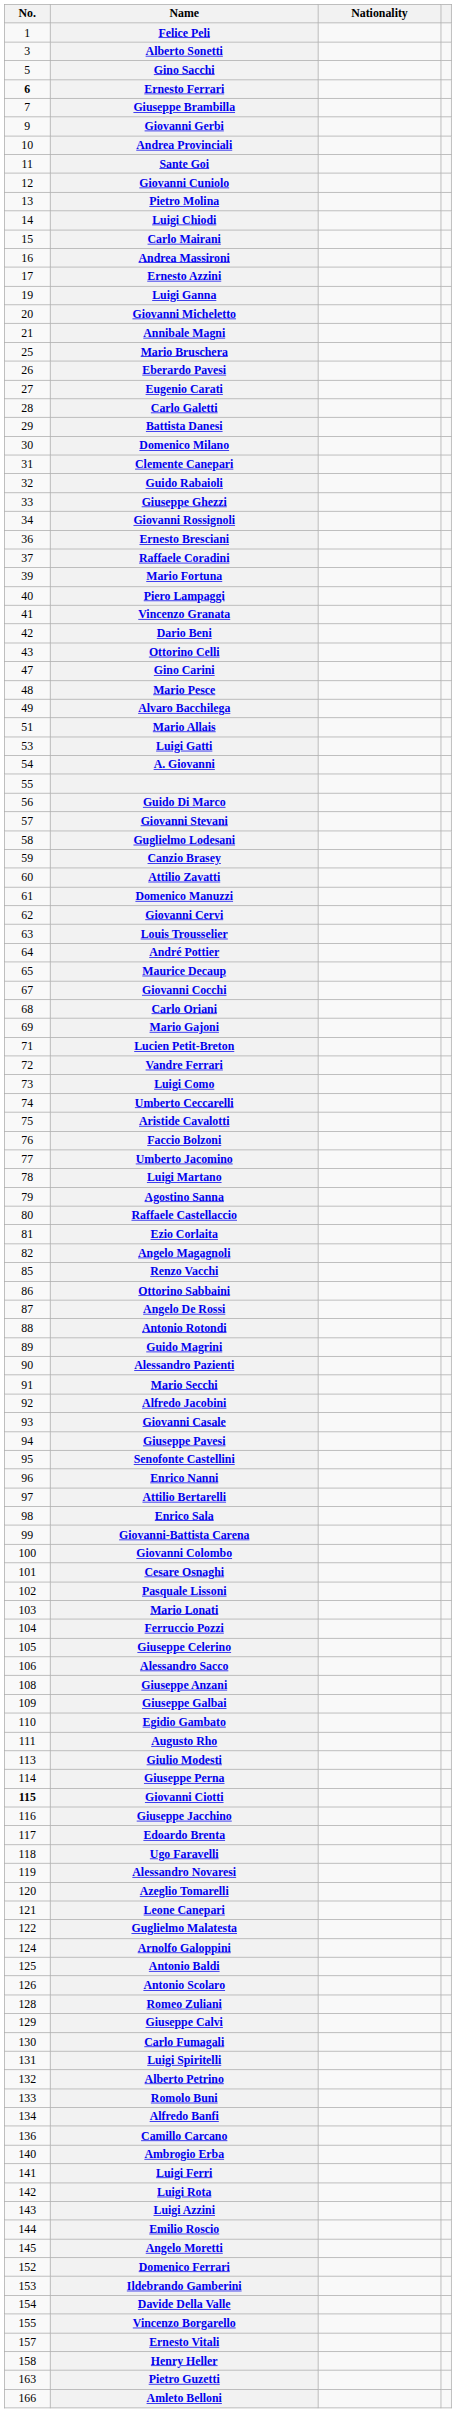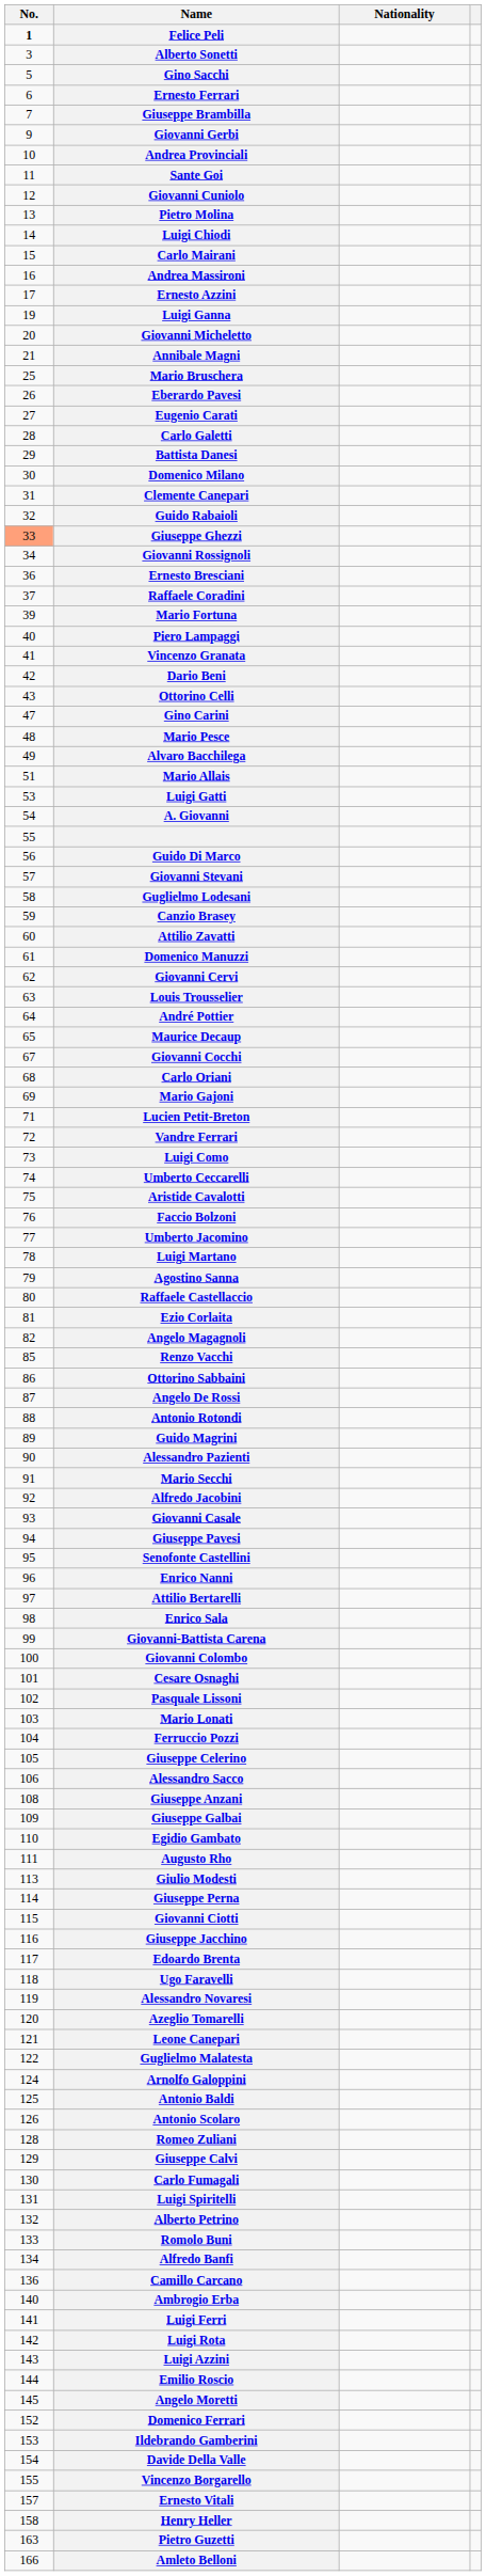 <table class="wikitable plainrowheaders sortable" style="width:97%">
 <tr>
 <th scope="col">No.</th>
 <th scope="col">Name</th>
 <th scope="col">Nationality</th>
 <th scope="col" class="unsortable"></th>
 </tr>
 <tr>
-<td style="text-align:center;">1</td>
+<td style="text-align:center;"><strong>1</strong></td>
 <th scope="row"><a href='#'>Felice Peli</a></th>
 <td></td>
 <td style="text-align:center;"></td>
 </tr>
 <tr>
 <td style="text-align:center;">3</td>
 <th scope="row"><a href='#'>Alberto Sonetti</a></th>
 <td></td>
 <td style="text-align:center;"></td>
 </tr>
 <tr>
 <td style="text-align:center;">5</td>
 <th scope="row"><a href='#'>Gino Sacchi</a></th>
 <td></td>
 <td style="text-align:center;"></td>
 </tr>
 <tr>
-<td style="text-align:center;"><strong>6</strong></td>
+<td style="text-align:center;">6</td>
 <th scope="row"><a href='#'>Ernesto Ferrari</a></th>
 <td></td>
 <td style="text-align:center;"></td>
 </tr>
 <tr>
 <td style="text-align:center;">7</td>
 <th scope="row"><a href='#'>Giuseppe Brambilla</a></th>
 <td></td>
 <td style="text-align:center;"></td>
 </tr>
 <tr>
 <td style="text-align:center;">9</td>
 <th scope="row"><a href='#'>Giovanni Gerbi</a></th>
 <td></td>
 <td style="text-align:center;"></td>
 </tr>
 <tr>
 <td style="text-align:center;">10</td>
 <th scope="row"><a href='#'>Andrea Provinciali</a></th>
 <td></td>
 <td style="text-align:center;"></td>
 </tr>
 <tr>
 <td style="text-align:center;">11</td>
 <th scope="row"><a href='#'>Sante Goi</a></th>
 <td></td>
 <td style="text-align:center;"></td>
 </tr>
 <tr>
 <td style="text-align:center;">12</td>
 <th scope="row"><a href='#'>Giovanni Cuniolo</a></th>
 <td></td>
 <td style="text-align:center;"></td>
 </tr>
 <tr>
 <td style="text-align:center;">13</td>
 <th scope="row"><a href='#'>Pietro Molina</a></th>
 <td></td>
 <td style="text-align:center;"></td>
 </tr>
 <tr>
 <td style="text-align:center;">14</td>
 <th scope="row"><a href='#'>Luigi Chiodi</a></th>
 <td></td>
 <td style="text-align:center;"></td>
 </tr>
 <tr>
 <td style="text-align:center;">15</td>
 <th scope="row"><a href='#'>Carlo Mairani</a></th>
 <td></td>
 <td style="text-align:center;"></td>
 </tr>
 <tr>
 <td style="text-align:center;">16</td>
 <th scope="row"><a href='#'>Andrea Massironi</a></th>
 <td></td>
 <td style="text-align:center;"></td>
 </tr>
 <tr>
 <td style="text-align:center;">17</td>
 <th scope="row"><a href='#'>Ernesto Azzini</a></th>
 <td></td>
 <td style="text-align:center;"></td>
 </tr>
 <tr>
 <td style="text-align:center;">19</td>
 <th scope="row"><a href='#'>Luigi Ganna</a></th>
 <td></td>
 <td style="text-align:center;"></td>
 </tr>
 <tr>
 <td style="text-align:center;">20</td>
 <th scope="row"><a href='#'>Giovanni Micheletto</a></th>
 <td></td>
 <td style="text-align:center;"></td>
 </tr>
 <tr>
 <td style="text-align:center;">21</td>
 <th scope="row"><a href='#'>Annibale Magni</a></th>
 <td></td>
 <td style="text-align:center;"></td>
 </tr>
 <tr>
 <td style="text-align:center;">25</td>
 <th scope="row"><a href='#'>Mario Bruschera</a></th>
 <td></td>
 <td style="text-align:center;"></td>
 </tr>
 <tr>
 <td style="text-align:center;">26</td>
 <th scope="row"><a href='#'>Eberardo Pavesi</a></th>
 <td></td>
 <td style="text-align:center;"></td>
 </tr>
 <tr>
 <td style="text-align:center;">27</td>
 <th scope="row"><a href='#'>Eugenio Carati</a></th>
 <td></td>
 <td style="text-align:center;"></td>
 </tr>
 <tr>
 <td style="text-align:center;">28</td>
 <th scope="row"><a href='#'>Carlo Galetti</a></th>
 <td></td>
 <td style="text-align:center;"></td>
 </tr>
 <tr>
 <td style="text-align:center;">29</td>
 <th scope="row"><a href='#'>Battista Danesi</a></th>
 <td></td>
 <td style="text-align:center;"></td>
 </tr>
 <tr>
 <td style="text-align:center;">30</td>
 <th scope="row"><a href='#'>Domenico Milano</a></th>
 <td></td>
 <td style="text-align:center;"></td>
 </tr>
 <tr>
 <td style="text-align:center;">31</td>
 <th scope="row"><a href='#'>Clemente Canepari</a></th>
 <td></td>
 <td style="text-align:center;"></td>
 </tr>
 <tr>
 <td style="text-align:center;">32</td>
 <th scope="row"><a href='#'>Guido Rabaioli</a></th>
 <td></td>
 <td style="text-align:center;"></td>
 </tr>
 <tr>
-<td style="text-align:center;">33</td>
+<td style="background: lightsalmon; text-align:center;">33</td>
 <th scope="row"><a href='#'>Giuseppe Ghezzi</a></th>
 <td></td>
 <td style="text-align:center;"></td>
 </tr>
 <tr>
 <td style="text-align:center;">34</td>
 <th scope="row"><a href='#'>Giovanni Rossignoli</a></th>
 <td></td>
 <td style="text-align:center;"></td>
 </tr>
 <tr>
 <td style="text-align:center;">36</td>
 <th scope="row"><a href='#'>Ernesto Bresciani</a></th>
 <td></td>
 <td style="text-align:center;"></td>
 </tr>
 <tr>
 <td style="text-align:center;">37</td>
 <th scope="row"><a href='#'>Raffaele Coradini</a></th>
 <td></td>
 <td style="text-align:center;"></td>
 </tr>
 <tr>
 <td style="text-align:center;">39</td>
 <th scope="row"><a href='#'>Mario Fortuna</a></th>
 <td></td>
 <td style="text-align:center;"></td>
 </tr>
 <tr>
 <td style="text-align:center;">40</td>
 <th scope="row"><a href='#'>Piero Lampaggi</a></th>
 <td></td>
 <td style="text-align:center;"></td>
 </tr>
 <tr>
 <td style="text-align:center;">41</td>
 <th scope="row"><a href='#'>Vincenzo Granata</a></th>
 <td></td>
 <td style="text-align:center;"></td>
 </tr>
 <tr>
 <td style="text-align:center;">42</td>
 <th scope="row"><a href='#'>Dario Beni</a></th>
 <td></td>
 <td style="text-align:center;"></td>
 </tr>
 <tr>
 <td style="text-align:center;">43</td>
 <th scope="row"><a href='#'>Ottorino Celli</a></th>
 <td></td>
 <td style="text-align:center;"></td>
 </tr>
 <tr>
 <td style="text-align:center;">47</td>
 <th scope="row"><a href='#'>Gino Carini</a></th>
 <td></td>
 <td style="text-align:center;"></td>
 </tr>
 <tr>
 <td style="text-align:center;">48</td>
 <th scope="row"><a href='#'>Mario Pesce</a></th>
 <td></td>
 <td style="text-align:center;"></td>
 </tr>
 <tr>
 <td style="text-align:center;">49</td>
 <th scope="row"><a href='#'>Alvaro Bacchilega</a></th>
 <td></td>
 <td style="text-align:center;"></td>
 </tr>
 <tr>
 <td style="text-align:center;">51</td>
 <th scope="row"><a href='#'>Mario Allais</a></th>
 <td></td>
 <td style="text-align:center;"></td>
 </tr>
 <tr>
 <td style="text-align:center;">53</td>
 <th scope="row"><a href='#'>Luigi Gatti</a></th>
 <td></td>
 <td style="text-align:center;"></td>
 </tr>
 <tr>
 <td style="text-align:center;">54</td>
 <th scope="row"><a href='#'>A. Giovanni</a></th>
 <td></td>
 <td style="text-align:center;"></td>
 </tr>
 <tr>
 <td style="text-align:center;">55</td>
 <th scope="row"></th>
 <td></td>
 <td style="text-align:center;"></td>
 </tr>
 <tr>
 <td style="text-align:center;">56</td>
 <th scope="row"><a href='#'>Guido Di Marco</a></th>
 <td></td>
 <td style="text-align:center;"></td>
 </tr>
 <tr>
 <td style="text-align:center;">57</td>
 <th scope="row"><a href='#'>Giovanni Stevani</a></th>
 <td></td>
 <td style="text-align:center;"></td>
 </tr>
 <tr>
 <td style="text-align:center;">58</td>
 <th scope="row"><a href='#'>Guglielmo Lodesani</a></th>
 <td></td>
 <td style="text-align:center;"></td>
 </tr>
 <tr>
 <td style="text-align:center;">59</td>
 <th scope="row"><a href='#'>Canzio Brasey</a></th>
 <td></td>
 <td style="text-align:center;"></td>
 </tr>
 <tr>
 <td style="text-align:center;">60</td>
 <th scope="row"><a href='#'>Attilio Zavatti</a></th>
 <td></td>
 <td style="text-align:center;"></td>
 </tr>
 <tr>
 <td style="text-align:center;">61</td>
 <th scope="row"><a href='#'>Domenico Manuzzi</a></th>
 <td></td>
 <td style="text-align:center;"></td>
 </tr>
 <tr>
 <td style="text-align:center;">62</td>
 <th scope="row"><a href='#'>Giovanni Cervi</a></th>
 <td></td>
 <td style="text-align:center;"></td>
 </tr>
 <tr>
 <td style="text-align:center;">63</td>
 <th scope="row"><a href='#'>Louis Trousselier</a></th>
 <td></td>
 <td style="text-align:center;"></td>
 </tr>
 <tr>
 <td style="text-align:center;">64</td>
 <th scope="row"><a href='#'>André Pottier</a></th>
 <td></td>
 <td style="text-align:center;"></td>
 </tr>
 <tr>
 <td style="text-align:center;">65</td>
 <th scope="row"><a href='#'>Maurice Decaup</a></th>
 <td></td>
 <td style="text-align:center;"></td>
 </tr>
 <tr>
 <td style="text-align:center;">67</td>
 <th scope="row"><a href='#'>Giovanni Cocchi</a></th>
 <td></td>
 <td style="text-align:center;"></td>
 </tr>
 <tr>
 <td style="text-align:center;">68</td>
 <th scope="row"><a href='#'>Carlo Oriani</a></th>
 <td></td>
 <td style="text-align:center;"></td>
 </tr>
 <tr>
 <td style="text-align:center;">69</td>
 <th scope="row"><a href='#'>Mario Gajoni</a></th>
 <td></td>
 <td style="text-align:center;"></td>
 </tr>
 <tr>
 <td style="text-align:center;">71</td>
 <th scope="row"><a href='#'>Lucien Petit-Breton</a></th>
 <td></td>
 <td style="text-align:center;"></td>
 </tr>
 <tr>
 <td style="text-align:center;">72</td>
 <th scope="row"><a href='#'>Vandre Ferrari</a></th>
 <td></td>
 <td style="text-align:center;"></td>
 </tr>
 <tr>
 <td style="text-align:center;">73</td>
 <th scope="row"><a href='#'>Luigi Como</a></th>
 <td></td>
 <td style="text-align:center;"></td>
 </tr>
 <tr>
 <td style="text-align:center;">74</td>
 <th scope="row"><a href='#'>Umberto Ceccarelli</a></th>
 <td></td>
 <td style="text-align:center;"></td>
 </tr>
 <tr>
 <td style="text-align:center;">75</td>
 <th scope="row"><a href='#'>Aristide Cavalotti</a></th>
 <td></td>
 <td style="text-align:center;"></td>
 </tr>
 <tr>
 <td style="text-align:center;">76</td>
 <th scope="row"><a href='#'>Faccio Bolzoni</a></th>
 <td></td>
 <td style="text-align:center;"></td>
 </tr>
 <tr>
 <td style="text-align:center;">77</td>
 <th scope="row"><a href='#'>Umberto Jacomino</a></th>
 <td></td>
 <td style="text-align:center;"></td>
 </tr>
 <tr>
 <td style="text-align:center;">78</td>
 <th scope="row"><a href='#'>Luigi Martano</a></th>
 <td></td>
 <td style="text-align:center;"></td>
 </tr>
 <tr>
 <td style="text-align:center;">79</td>
 <th scope="row"><a href='#'>Agostino Sanna</a></th>
 <td></td>
 <td style="text-align:center;"></td>
 </tr>
 <tr>
 <td style="text-align:center;">80</td>
 <th scope="row"><a href='#'>Raffaele Castellaccio</a></th>
 <td></td>
 <td style="text-align:center;"></td>
 </tr>
 <tr>
 <td style="text-align:center;">81</td>
 <th scope="row"><a href='#'>Ezio Corlaita</a></th>
 <td></td>
 <td style="text-align:center;"></td>
 </tr>
 <tr>
 <td style="text-align:center;">82</td>
 <th scope="row"><a href='#'>Angelo Magagnoli</a></th>
 <td></td>
 <td style="text-align:center;"></td>
 </tr>
 <tr>
 <td style="text-align:center;">85</td>
 <th scope="row"><a href='#'>Renzo Vacchi</a></th>
 <td></td>
 <td style="text-align:center;"></td>
 </tr>
 <tr>
 <td style="text-align:center;">86</td>
 <th scope="row"><a href='#'>Ottorino Sabbaini</a></th>
 <td></td>
 <td style="text-align:center;"></td>
 </tr>
 <tr>
 <td style="text-align:center;">87</td>
 <th scope="row"><a href='#'>Angelo De Rossi</a></th>
 <td></td>
 <td style="text-align:center;"></td>
 </tr>
 <tr>
 <td style="text-align:center;">88</td>
 <th scope="row"><a href='#'>Antonio Rotondi</a></th>
 <td></td>
 <td style="text-align:center;"></td>
 </tr>
 <tr>
 <td style="text-align:center;">89</td>
 <th scope="row"><a href='#'>Guido Magrini</a></th>
 <td></td>
 <td style="text-align:center;"></td>
 </tr>
 <tr>
 <td style="text-align:center;">90</td>
 <th scope="row"><a href='#'>Alessandro Pazienti</a></th>
 <td></td>
 <td style="text-align:center;"></td>
 </tr>
 <tr>
 <td style="text-align:center;">91</td>
 <th scope="row"><a href='#'>Mario Secchi</a></th>
 <td></td>
 <td style="text-align:center;"></td>
 </tr>
 <tr>
 <td style="text-align:center;">92</td>
 <th scope="row"><a href='#'>Alfredo Jacobini</a></th>
 <td></td>
 <td style="text-align:center;"></td>
 </tr>
 <tr>
 <td style="text-align:center;">93</td>
 <th scope="row"><a href='#'>Giovanni Casale</a></th>
 <td></td>
 <td style="text-align:center;"></td>
 </tr>
 <tr>
 <td style="text-align:center;">94</td>
 <th scope="row"><a href='#'>Giuseppe Pavesi</a></th>
 <td></td>
 <td style="text-align:center;"></td>
 </tr>
 <tr>
 <td style="text-align:center;">95</td>
 <th scope="row"><a href='#'>Senofonte Castellini</a></th>
 <td></td>
 <td style="text-align:center;"></td>
 </tr>
 <tr>
 <td style="text-align:center;">96</td>
 <th scope="row"><a href='#'>Enrico Nanni</a></th>
 <td></td>
 <td style="text-align:center;"></td>
 </tr>
 <tr>
 <td style="text-align:center;">97</td>
 <th scope="row"><a href='#'>Attilio Bertarelli</a></th>
 <td></td>
 <td style="text-align:center;"></td>
 </tr>
 <tr>
 <td style="text-align:center;">98</td>
 <th scope="row"><a href='#'>Enrico Sala</a></th>
 <td></td>
 <td style="text-align:center;"></td>
 </tr>
 <tr>
 <td style="text-align:center;">99</td>
 <th scope="row"><a href='#'>Giovanni-Battista Carena</a></th>
 <td></td>
 <td style="text-align:center;"></td>
 </tr>
 <tr>
 <td style="text-align:center;">100</td>
 <th scope="row"><a href='#'>Giovanni Colombo</a></th>
 <td></td>
 <td style="text-align:center;"></td>
 </tr>
 <tr>
 <td style="text-align:center;">101</td>
 <th scope="row"><a href='#'>Cesare Osnaghi</a></th>
 <td></td>
 <td style="text-align:center;"></td>
 </tr>
 <tr>
 <td style="text-align:center;">102</td>
 <th scope="row"><a href='#'>Pasquale Lissoni</a></th>
 <td></td>
 <td style="text-align:center;"></td>
 </tr>
 <tr>
 <td style="text-align:center;">103</td>
 <th scope="row"><a href='#'>Mario Lonati</a></th>
 <td></td>
 <td style="text-align:center;"></td>
 </tr>
 <tr>
 <td style="text-align:center;">104</td>
 <th scope="row"><a href='#'>Ferruccio Pozzi</a></th>
 <td></td>
 <td style="text-align:center;"></td>
 </tr>
 <tr>
 <td style="text-align:center;">105</td>
 <th scope="row"><a href='#'>Giuseppe Celerino</a></th>
 <td></td>
 <td style="text-align:center;"></td>
 </tr>
 <tr>
 <td style="text-align:center;">106</td>
 <th scope="row"><a href='#'>Alessandro Sacco</a></th>
 <td></td>
 <td style="text-align:center;"></td>
 </tr>
 <tr>
 <td style="text-align:center;">108</td>
 <th scope="row"><a href='#'>Giuseppe Anzani</a></th>
 <td></td>
 <td style="text-align:center;"></td>
 </tr>
 <tr>
 <td style="text-align:center;">109</td>
 <th scope="row"><a href='#'>Giuseppe Galbai</a></th>
 <td></td>
 <td style="text-align:center;"></td>
 </tr>
 <tr>
 <td style="text-align:center;">110</td>
 <th scope="row"><a href='#'>Egidio Gambato</a></th>
 <td></td>
 <td style="text-align:center;"></td>
 </tr>
 <tr>
 <td style="text-align:center;">111</td>
 <th scope="row"><a href='#'>Augusto Rho</a></th>
 <td></td>
 <td style="text-align:center;"></td>
 </tr>
 <tr>
 <td style="text-align:center;">113</td>
 <th scope="row"><a href='#'>Giulio Modesti</a></th>
 <td></td>
 <td style="text-align:center;"></td>
 </tr>
 <tr>
 <td style="text-align:center;">114</td>
 <th scope="row"><a href='#'>Giuseppe Perna</a></th>
 <td></td>
 <td style="text-align:center;"></td>
 </tr>
 <tr>
-<td style="text-align:center;"><strong>115</strong></td>
+<td style="text-align:center;">115</td>
 <th scope="row"><a href='#'>Giovanni Ciotti</a></th>
 <td></td>
 <td style="text-align:center;"></td>
 </tr>
 <tr>
 <td style="text-align:center;">116</td>
 <th scope="row"><a href='#'>Giuseppe Jacchino</a></th>
 <td></td>
 <td style="text-align:center;"></td>
 </tr>
 <tr>
 <td style="text-align:center;">117</td>
 <th scope="row"><a href='#'>Edoardo Brenta</a></th>
 <td></td>
 <td style="text-align:center;"></td>
 </tr>
 <tr>
 <td style="text-align:center;">118</td>
 <th scope="row"><a href='#'>Ugo Faravelli</a></th>
 <td></td>
 <td style="text-align:center;"></td>
 </tr>
 <tr>
 <td style="text-align:center;">119</td>
 <th scope="row"><a href='#'>Alessandro Novaresi</a></th>
 <td></td>
 <td style="text-align:center;"></td>
 </tr>
 <tr>
 <td style="text-align:center;">120</td>
 <th scope="row"><a href='#'>Azeglio Tomarelli</a></th>
 <td></td>
 <td style="text-align:center;"></td>
 </tr>
 <tr>
 <td style="text-align:center;">121</td>
 <th scope="row"><a href='#'>Leone Canepari</a></th>
 <td></td>
 <td style="text-align:center;"></td>
 </tr>
 <tr>
 <td style="text-align:center;">122</td>
 <th scope="row"><a href='#'>Guglielmo Malatesta</a></th>
 <td></td>
 <td style="text-align:center;"></td>
 </tr>
 <tr>
 <td style="text-align:center;">124</td>
 <th scope="row"><a href='#'>Arnolfo Galoppini</a></th>
 <td></td>
 <td style="text-align:center;"></td>
 </tr>
 <tr>
 <td style="text-align:center;">125</td>
 <th scope="row"><a href='#'>Antonio Baldi</a></th>
 <td></td>
 <td style="text-align:center;"></td>
 </tr>
 <tr>
 <td style="text-align:center;">126</td>
 <th scope="row"><a href='#'>Antonio Scolaro</a></th>
 <td></td>
 <td style="text-align:center;"></td>
 </tr>
 <tr>
 <td style="text-align:center;">128</td>
 <th scope="row"><a href='#'>Romeo Zuliani</a></th>
 <td></td>
 <td style="text-align:center;"></td>
 </tr>
 <tr>
 <td style="text-align:center;">129</td>
 <th scope="row"><a href='#'>Giuseppe Calvi</a></th>
 <td></td>
 <td style="text-align:center;"></td>
 </tr>
 <tr>
 <td style="text-align:center;">130</td>
 <th scope="row"><a href='#'>Carlo Fumagali</a></th>
 <td></td>
 <td style="text-align:center;"></td>
 </tr>
 <tr>
 <td style="text-align:center;">131</td>
 <th scope="row"><a href='#'>Luigi Spiritelli</a></th>
 <td></td>
 <td style="text-align:center;"></td>
 </tr>
 <tr>
 <td style="text-align:center;">132</td>
 <th scope="row"><a href='#'>Alberto Petrino</a></th>
 <td></td>
 <td style="text-align:center;"></td>
 </tr>
 <tr>
 <td style="text-align:center;">133</td>
 <th scope="row"><a href='#'>Romolo Buni</a></th>
 <td></td>
 <td style="text-align:center;"></td>
 </tr>
 <tr>
 <td style="text-align:center;">134</td>
 <th scope="row"><a href='#'>Alfredo Banfi</a></th>
 <td></td>
 <td style="text-align:center;"></td>
 </tr>
 <tr>
 <td style="text-align:center;">136</td>
 <th scope="row"><a href='#'>Camillo Carcano</a></th>
 <td></td>
 <td style="text-align:center;"></td>
 </tr>
 <tr>
 <td style="text-align:center;">140</td>
 <th scope="row"><a href='#'>Ambrogio Erba</a></th>
 <td></td>
 <td style="text-align:center;"></td>
 </tr>
 <tr>
 <td style="text-align:center;">141</td>
 <th scope="row"><a href='#'>Luigi Ferri</a></th>
 <td></td>
 <td style="text-align:center;"></td>
 </tr>
 <tr>
 <td style="text-align:center;">142</td>
 <th scope="row"><a href='#'>Luigi Rota</a></th>
 <td></td>
 <td style="text-align:center;"></td>
 </tr>
 <tr>
 <td style="text-align:center;">143</td>
 <th scope="row"><a href='#'>Luigi Azzini</a></th>
 <td></td>
 <td style="text-align:center;"></td>
 </tr>
 <tr>
 <td style="text-align:center;">144</td>
 <th scope="row"><a href='#'>Emilio Roscio</a></th>
 <td></td>
 <td style="text-align:center;"></td>
 </tr>
 <tr>
 <td style="text-align:center;">145</td>
 <th scope="row"><a href='#'>Angelo Moretti</a></th>
 <td></td>
 <td style="text-align:center;"></td>
 </tr>
 <tr>
 <td style="text-align:center;">152</td>
 <th scope="row"><a href='#'>Domenico Ferrari</a></th>
 <td></td>
 <td style="text-align:center;"></td>
 </tr>
 <tr>
 <td style="text-align:center;">153</td>
 <th scope="row"><a href='#'>Ildebrando Gamberini</a></th>
 <td></td>
 <td style="text-align:center;"></td>
 </tr>
 <tr>
 <td style="text-align:center;">154</td>
 <th scope="row"><a href='#'>Davide Della Valle</a></th>
 <td></td>
 <td style="text-align:center;"></td>
 </tr>
 <tr>
 <td style="text-align:center;">155</td>
 <th scope="row"><a href='#'>Vincenzo Borgarello</a></th>
 <td></td>
 <td style="text-align:center;"></td>
 </tr>
 <tr>
 <td style="text-align:center;">157</td>
 <th scope="row"><a href='#'>Ernesto Vitali</a></th>
 <td></td>
 <td style="text-align:center;"></td>
 </tr>
 <tr>
 <td style="text-align:center;">158</td>
 <th scope="row"><a href='#'>Henry Heller</a></th>
 <td></td>
 <td style="text-align:center;"></td>
 </tr>
 <tr>
 <td style="text-align:center;">163</td>
 <th scope="row"><a href='#'>Pietro Guzetti</a></th>
 <td></td>
 <td style="text-align:center;"></td>
 </tr>
 <tr>
 <td style="text-align:center;">166</td>
 <th scope="row"><a href='#'>Amleto Belloni</a></th>
 <td></td>
 <td style="text-align:center;"></td>
 </tr>
 </table>
